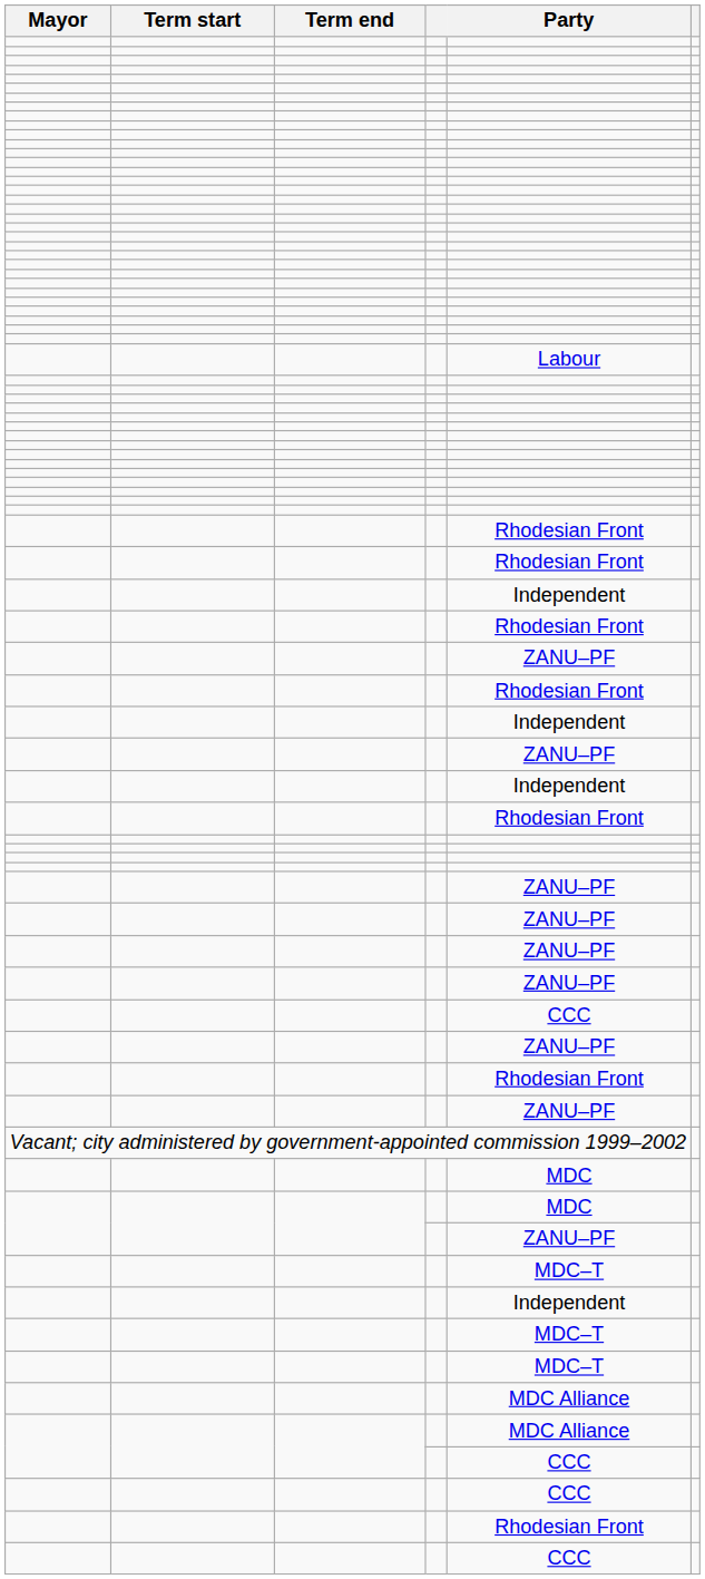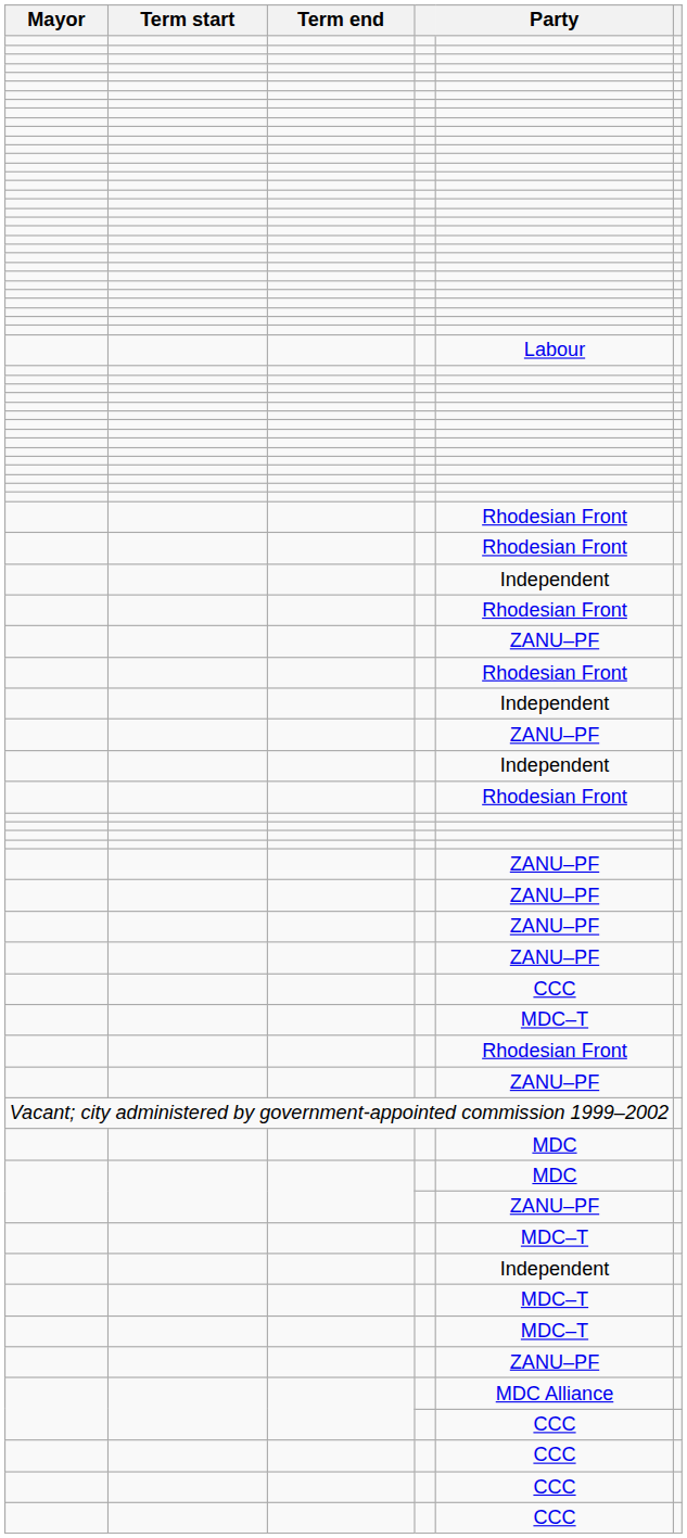 <table class="wikitable sortable" style="text-align:center">
 <tr>
 <th>Mayor</th>
 <th>Term start</th>
 <th>Term end</th>
 <th class="unsortable"> </th>
 <th style="border-left-style:hidden;padding:0.1em 0em">Party</th>
 <th></th>
 </tr>
 <tr>
 <td></td>
 <td align=center></td>
 <td align=center></td>
 <td bgcolor=""></td>
 <td></td>
 <td></td>
 </tr>
 <tr>
 <td></td>
 <td align="center"></td>
 <td align="center"></td>
 <td></td>
 <td></td>
 <td></td>
 </tr>
 <tr>
 <td></td>
 <td align="center"></td>
 <td align="center"></td>
 <td bgcolor=""></td>
 <td></td>
 <td></td>
 </tr>
 <tr>
 <td></td>
 <td align="center"></td>
 <td align="center"></td>
 <td bgcolor=""></td>
 <td></td>
 <td></td>
 </tr>
 <tr>
 <td></td>
 <td align="center"></td>
 <td align="center"></td>
 <td></td>
 <td></td>
 <td></td>
 </tr>
 <tr>
 <td></td>
 <td align="center"></td>
 <td align="center"></td>
 <td bgcolor=""></td>
 <td></td>
 <td></td>
 </tr>
 <tr>
 <td></td>
 <td align="center"></td>
 <td align="center"></td>
 <td></td>
 <td></td>
 <td></td>
 </tr>
 <tr>
 <td></td>
 <td align="center"></td>
 <td align="center"></td>
 <td bgcolor=""></td>
 <td></td>
 <td></td>
 </tr>
 <tr>
 <td></td>
 <td align="center"></td>
 <td align="center"></td>
 <td bgcolor=""></td>
 <td></td>
 <td></td>
 </tr>
 <tr>
 <td></td>
 <td align="center"></td>
 <td align="center"></td>
 <td bgcolor=""></td>
 <td></td>
 <td></td>
 </tr>
 <tr>
 <td></td>
 <td align="center"></td>
 <td align="center"></td>
 <td></td>
 <td></td>
 <td></td>
 </tr>
 <tr>
 <td></td>
 <td align="center"></td>
 <td align="center"></td>
 <td bgcolor=""></td>
 <td></td>
 <td></td>
 </tr>
 <tr>
 <td></td>
 <td align="center"></td>
 <td align="center"></td>
 <td bgcolor=""></td>
 <td></td>
 <td></td>
 </tr>
 <tr>
 <td></td>
 <td></td>
 <td></td>
 <td></td>
 <td></td>
 <td></td>
 </tr>
 <tr>
 <td></td>
 <td></td>
 <td></td>
 <td></td>
 <td></td>
 <td></td>
 </tr>
 <tr>
 <td></td>
 <td align=center></td>
 <td align=center></td>
 <td bgcolor=""></td>
 <td></td>
 <td></td>
 </tr>
 <tr>
 <td></td>
 <td></td>
 <td></td>
 <td></td>
 <td></td>
 <td></td>
 </tr>
 <tr>
 <td></td>
 <td align=center></td>
 <td align=center></td>
 <td></td>
 <td></td>
 <td></td>
 </tr>
 <tr>
 <td></td>
 <td></td>
 <td></td>
 <td></td>
 <td></td>
 <td></td>
 </tr>
 <tr>
 <td></td>
 <td></td>
 <td></td>
 <td></td>
 <td></td>
 <td></td>
 </tr>
 <tr>
 <td></td>
 <td align=center></td>
 <td align=center></td>
 <td></td>
 <td></td>
 <td></td>
 </tr>
 <tr>
 <td></td>
 <td align=center></td>
 <td align=center></td>
 <td></td>
 <td></td>
 <td></td>
 </tr>
 <tr>
 <td></td>
 <td align=center></td>
 <td align=center></td>
 <td></td>
 <td></td>
 <td></td>
 </tr>
 <tr>
 <td></td>
 <td align="center"></td>
 <td align="center"></td>
 <td></td>
 <td></td>
 <td></td>
 </tr>
 <tr>
 <td></td>
 <td></td>
 <td></td>
 <td></td>
 <td></td>
 <td></td>
 </tr>
 <tr>
 <td></td>
 <td align=center></td>
 <td align=center></td>
 <td bgcolor=""></td>
 <td></td>
 <td></td>
 </tr>
 <tr>
 <td></td>
 <td></td>
 <td></td>
 <td></td>
 <td></td>
 <td></td>
 </tr>
 <tr>
 <td></td>
 <td align="center"></td>
 <td align="center"></td>
 <td></td>
 <td></td>
 <td></td>
 </tr>
 <tr>
 <td></td>
 <td align="center"></td>
 <td align="center"></td>
 <td></td>
 <td></td>
 <td></td>
 </tr>
 <tr>
 <td></td>
 <td></td>
 <td></td>
 <td></td>
 <td></td>
 <td></td>
 </tr>
 <tr>
 <td></td>
 <td></td>
 <td></td>
 <td></td>
 <td></td>
 <td></td>
 </tr>
 <tr>
 <td></td>
 <td></td>
 <td></td>
 <td></td>
 <td></td>
 <td></td>
 </tr>
 <tr>
 <td></td>
 <td></td>
 <td></td>
 <td></td>
 <td></td>
 <td></td>
 </tr>
 <tr>
 <td></td>
 <td align=center></td>
 <td align=center></td>
 <td style="color:inherit;background:"></td>
 <td><a href='#'>Labour</a></td>
 <td></td>
 </tr>
 <tr>
 <td></td>
 <td></td>
 <td></td>
 <td></td>
 <td></td>
 <td></td>
 </tr>
 <tr>
 <td></td>
 <td align=center></td>
 <td align=center></td>
 <td></td>
 <td></td>
 <td></td>
 </tr>
 <tr>
 <td></td>
 <td align="center"></td>
 <td align="center"></td>
 <td></td>
 <td></td>
 <td></td>
 </tr>
 <tr>
 <td></td>
 <td align="center"></td>
 <td align="center"></td>
 <td></td>
 <td></td>
 <td></td>
 </tr>
 <tr>
 <td></td>
 <td></td>
 <td></td>
 <td></td>
 <td></td>
 <td></td>
 </tr>
 <tr>
 <td></td>
 <td align=center></td>
 <td align=center></td>
 <td></td>
 <td></td>
 <td></td>
 </tr>
 <tr>
 <td></td>
 <td></td>
 <td></td>
 <td></td>
 <td></td>
 <td></td>
 </tr>
 <tr>
 <td></td>
 <td align="center"></td>
 <td align="center"></td>
 <td></td>
 <td></td>
 <td></td>
 </tr>
 <tr>
 <td></td>
 <td align=center></td>
 <td align=center></td>
 <td></td>
 <td></td>
 <td></td>
 </tr>
 <tr>
 <td></td>
 <td align=center></td>
 <td align=center></td>
 <td></td>
 <td></td>
 <td></td>
 </tr>
 <tr>
 <td></td>
 <td></td>
 <td></td>
 <td></td>
 <td></td>
 <td></td>
 </tr>
 <tr>
 <td></td>
 <td align=center></td>
 <td align=center></td>
 <td></td>
 <td></td>
 <td></td>
 </tr>
 <tr>
 <td></td>
 <td></td>
 <td></td>
 <td></td>
 <td></td>
 <td></td>
 </tr>
 <tr>
 <td></td>
 <td align=center></td>
 <td align=center></td>
 <td></td>
 <td></td>
 <td></td>
 </tr>
 <tr>
 <td></td>
 <td></td>
 <td></td>
 <td></td>
 <td></td>
 <td></td>
 </tr>
 <tr>
 <td></td>
 <td align=center></td>
 <td align=center></td>
 <td style="color:inherit;background:"></td>
 <td><a href='#'>Rhodesian Front</a></td>
 <td></td>
 </tr>
 <tr>
 <td></td>
 <td align="center"></td>
 <td align="center"></td>
 <td style="color:inherit;background:"></td>
 <td><a href='#'>Rhodesian Front</a></td>
 <td></td>
 </tr>
 <tr>
 <td></td>
 <td></td>
 <td></td>
 <td style="color:inherit;background:"></td>
 <td>Independent</td>
 <td></td>
 </tr>
 <tr>
 <td></td>
 <td></td>
 <td></td>
 <td style="color:inherit;background:"></td>
 <td><a href='#'>Rhodesian Front</a></td>
 <td></td>
 </tr>
 <tr>
 <td></td>
 <td align="center"></td>
 <td align="center"></td>
 <td style="color:inherit;background:"></td>
 <td><a href='#'>ZANU–PF</a></td>
 <td></td>
 </tr>
 <tr>
 <td></td>
 <td></td>
 <td></td>
 <td style="color:inherit;background:"></td>
 <td><a href='#'>Rhodesian Front</a></td>
 <td></td>
 </tr>
 <tr>
 <td></td>
 <td align=center></td>
 <td align=center></td>
 <td style="color:inherit;background:"></td>
 <td>Independent</td>
 <td></td>
 </tr>
 <tr>
 <td></td>
 <td align=center></td>
 <td align=center></td>
 <td style="color:inherit;background:"></td>
 <td><a href='#'>ZANU–PF</a></td>
 <td></td>
 </tr>
 <tr>
 <td></td>
 <td align=center></td>
 <td align=center></td>
 <td style="color:inherit;background:"></td>
 <td>Independent</td>
 <td></td>
 </tr>
 <tr>
 <td></td>
 <td align=center></td>
 <td align=center></td>
 <td style="color:inherit;background:"></td>
 <td><a href='#'>Rhodesian Front</a></td>
 <td></td>
 </tr>
 <tr>
 <td></td>
 <td align=center></td>
 <td align=center></td>
 <td></td>
 <td></td>
 <td></td>
 </tr>
 <tr>
 <td></td>
 <td align=center></td>
 <td align=center></td>
 <td></td>
 <td></td>
 <td></td>
 </tr>
 <tr>
 <td></td>
 <td align=center></td>
 <td align=center></td>
 <td></td>
 <td></td>
 <td></td>
 </tr>
 <tr>
 <td></td>
 <td align=center></td>
 <td align=center></td>
 <td></td>
 <td></td>
 <td></td>
 </tr>
 <tr>
 <td></td>
 <td align=center></td>
 <td align=center></td>
 <td style="color:inherit;background:"></td>
 <td><a href='#'>ZANU–PF</a></td>
 <td></td>
 </tr>
 <tr>
 <td></td>
 <td align=center></td>
 <td align=center></td>
 <td style="color:inherit;background:"></td>
 <td><a href='#'>ZANU–PF</a></td>
 <td></td>
 </tr>
 <tr>
 <td></td>
 <td align="center"></td>
 <td align="center"></td>
 <td style="color:inherit;background:"></td>
 <td><a href='#'>ZANU–PF</a></td>
 <td></td>
 </tr>
 <tr>
 <td></td>
 <td align="center"></td>
 <td align="center"></td>
 <td style="color:inherit;background:"></td>
 <td><a href='#'>ZANU–PF</a></td>
 <td></td>
 </tr>
 <tr>
 <td></td>
 <td align=center></td>
 <td align=center></td>
 <td style="color:inherit;background:"></td>
 <td><a href='#'>CCC</a></td>
 <td></td>
 </tr>
 <tr>
 <td></td>
 <td align=center></td>
 <td align=center></td>
 <td style="color:inherit;background:"></td>
-<td><a href='#'>ZANU–PF</a></td>
+<td><a href='#'>MDC–T</a></td>
 <td></td>
 </tr>
 <tr>
 <td></td>
 <td align=center></td>
 <td align=center></td>
 <td style="color:inherit;background:"></td>
 <td><a href='#'>Rhodesian Front</a></td>
 <td></td>
 </tr>
 <tr>
 <td></td>
 <td align="center"></td>
 <td align="center"></td>
 <td style="color:inherit;background:"></td>
 <td><a href='#'>ZANU–PF</a></td>
 <td></td>
 </tr>
 <tr>
 <td colspan="5"><em>Vacant; city administered by government-appointed commission 1999–2002</em></td>
 <td></td>
 </tr>
 <tr>
 <td></td>
 <td align="center"></td>
 <td align="center"></td>
 <td style="color:inherit;background:"></td>
 <td><a href='#'>MDC</a></td>
 <td></td>
 </tr>
 <tr>
 <td rowspan="2"> <em></em></td>
 <td rowspan="2" align="center"></td>
 <td rowspan="2" align="center"></td>
 <td style="color:inherit;background:"></td>
 <td><a href='#'>MDC</a></td>
 <td></td>
 </tr>
 <tr>
 <td style="color:inherit;background:"></td>
 <td><a href='#'>ZANU–PF</a></td>
 <td></td>
 </tr>
 <tr>
 <td></td>
 <td align=center></td>
 <td align=center></td>
 <td style="color:inherit;background:"></td>
 <td><a href='#'>MDC–T</a></td>
 <td></td>
 </tr>
 <tr>
 <td></td>
 <td align=center></td>
 <td align=center></td>
 <td style="color:inherit;background:"></td>
 <td>Independent</td>
 <td></td>
 </tr>
 <tr>
 <td></td>
 <td align=center></td>
 <td align=center></td>
 <td style="color:inherit;background:"></td>
 <td><a href='#'>MDC–T</a></td>
 <td></td>
 </tr>
 <tr>
 <td> <em></em></td>
 <td></td>
 <td></td>
 <td style="color:inherit;background:"></td>
 <td><a href='#'>MDC–T</a></td>
 <td></td>
 </tr>
 <tr>
 <td></td>
 <td align=center></td>
 <td></td>
 <td style="color:inherit;background:"></td>
-<td><a href='#'>MDC Alliance</a></td>
+<td><a href='#'>ZANU–PF</a></td>
 <td></td>
 </tr>
 <tr>
 <td rowspan="2"></td>
 <td rowspan="2"></td>
 <td rowspan="2"></td>
 <td style="color:inherit;background:"></td>
 <td><a href='#'>MDC Alliance</a></td>
 <td></td>
 </tr>
 <tr>
 <td style="color:inherit;background:"></td>
 <td><a href='#'>CCC</a></td>
 <td></td>
 </tr>
 <tr>
 <td></td>
 <td></td>
 <td></td>
 <td style="color:inherit;background:"></td>
 <td><a href='#'>CCC</a></td>
 <td></td>
 </tr>
 <tr>
 <td></td>
 <td></td>
 <td></td>
 <td style="color:inherit;background:"></td>
-<td><a href='#'>Rhodesian Front</a></td>
+<td><a href='#'>CCC</a></td>
 <td></td>
 </tr>
 <tr>
 <td></td>
 <td></td>
 <td></td>
 <td style="color:inherit;background:"></td>
 <td><a href='#'>CCC</a></td>
 <td></td>
 </tr>
 </table>
